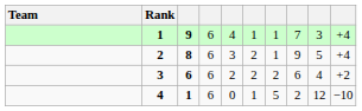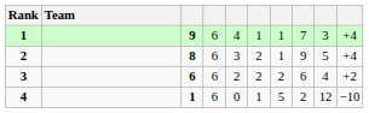 <table class="wikitable" style="text-align: center;">
 <tr>
+<th width=30>Rank</th>
 <th width=165 style="text-align:left;">Team</th>
-<th width=30>Rank</th>
 <th width=20></th>
 <th width=20></th>
 <th width=20></th>
 <th width=20></th>
 <th width=20></th>
 <th width=20></th>
 <th width=20></th>
 <th width=20></th>
 </tr>
 <tr style="background:#ccffcc;">
+<td><strong>1</strong></td>
 <td style="text-align:left;"></td>
-<td><strong>1</strong></td>
 <td><strong>9</strong></td>
 <td>6</td>
 <td>4</td>
 <td>1</td>
 <td>1</td>
 <td>7</td>
 <td>3</td>
 <td>+4</td>
 </tr>
 <tr>
+<td><strong>2</strong></td>
 <td style="text-align:left;"></td>
-<td><strong>2</strong></td>
 <td><strong>8</strong></td>
 <td>6</td>
 <td>3</td>
 <td>2</td>
 <td>1</td>
 <td>9</td>
 <td>5</td>
 <td>+4</td>
 </tr>
 <tr>
+<td><strong>3</strong></td>
 <td style="text-align:left;"></td>
-<td><strong>3</strong></td>
 <td><strong>6</strong></td>
 <td>6</td>
 <td>2</td>
 <td>2</td>
 <td>2</td>
 <td>6</td>
 <td>4</td>
 <td>+2</td>
 </tr>
 <tr>
+<td><strong>4</strong></td>
 <td style="text-align:left;"></td>
-<td><strong>4</strong></td>
 <td><strong>1</strong></td>
 <td>6</td>
 <td>0</td>
 <td>1</td>
 <td>5</td>
 <td>2</td>
 <td>12</td>
 <td>−10</td>
 </tr>
 </table>
